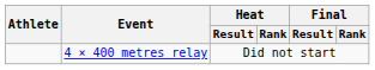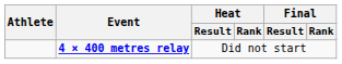 <table class="wikitable" style="font-size:90%">
 <tr>
 <th rowspan="2">Athlete</th>
 <th rowspan="2">Event</th>
 <th colspan="2">Heat</th>
 <th colspan="2">Final</th>
 </tr>
 <tr style="font-size:95%">
 <th>Result</th>
 <th>Rank</th>
 <th>Result</th>
 <th>Rank</th>
 </tr>
 <tr align=center>
 <td align=left></td>
-<td align=left><a href='#'>4 × 400 metres relay</a></td>
+<td align=left><strong><a href='#'>4 × 400 metres relay</a></strong></td>
 <td colspan=4>Did not start</td>
 </tr>
 </table>
